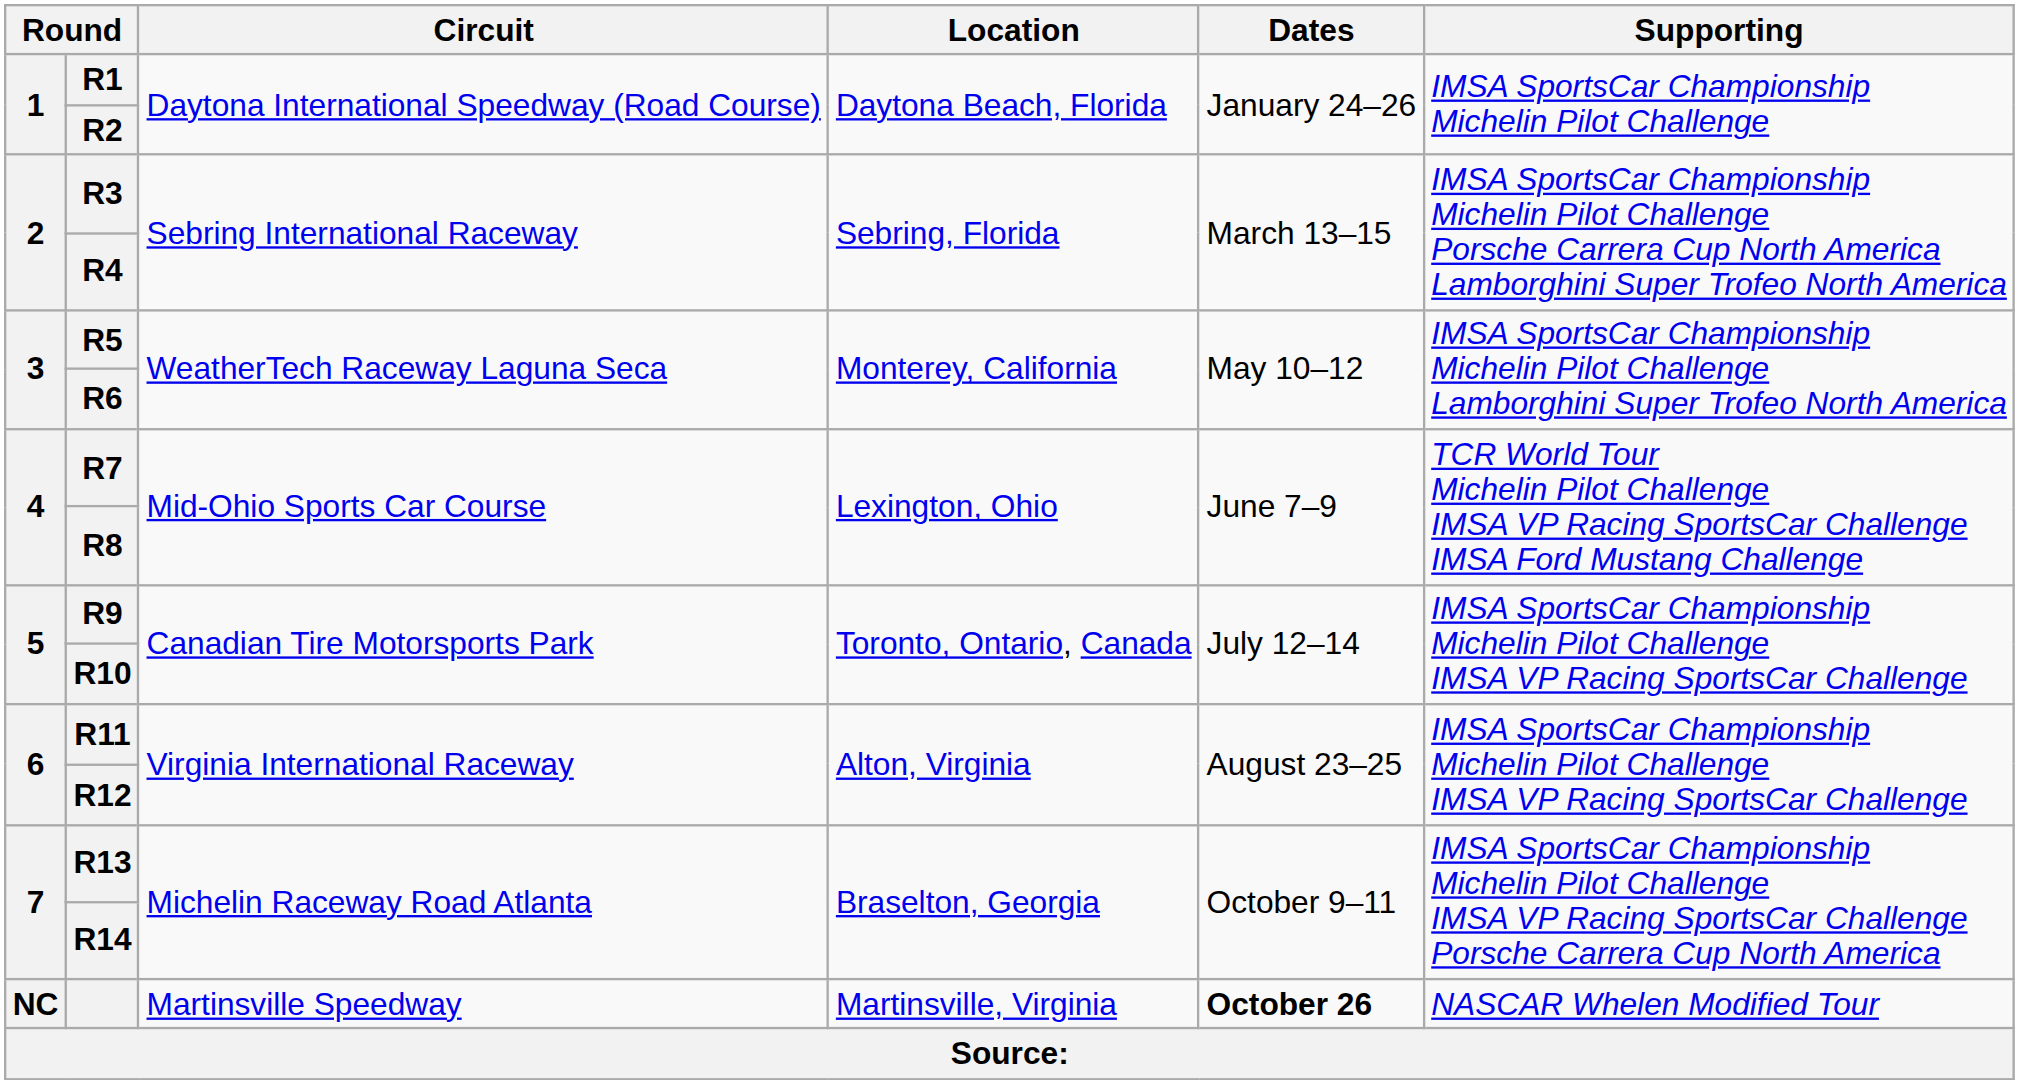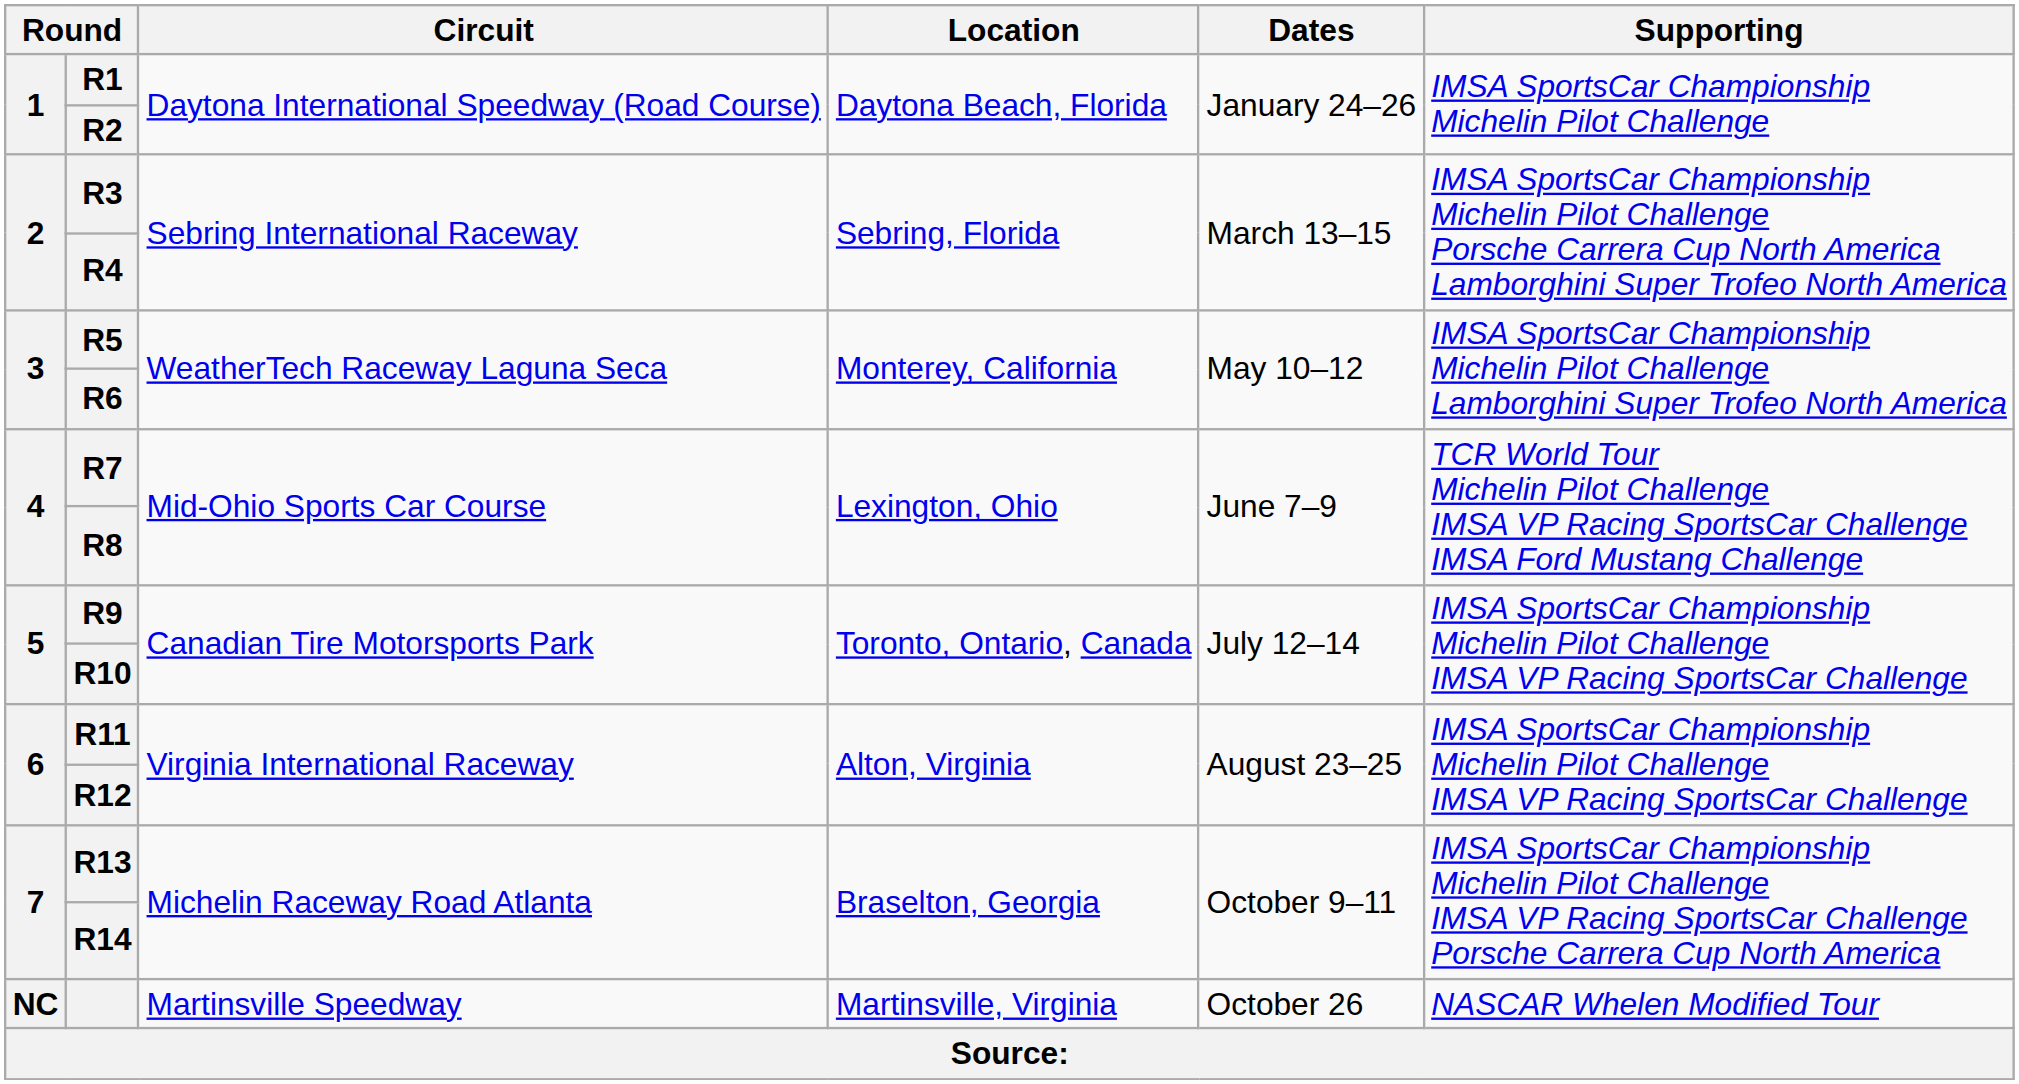 <table class="wikitable" style="font-size: 85%;">
 <tr>
 <th colspan="2">Round</th>
 <th>Circuit</th>
 <th>Location</th>
 <th>Dates</th>
 <th>Supporting</th>
 </tr>
 <tr>
 <th rowspan="2">1</th>
 <th>R1</th>
 <td rowspan="2"><a href='#'>Daytona International Speedway (Road Course)</a></td>
 <td rowspan="2"> <a href='#'>Daytona Beach, Florida</a></td>
 <td rowspan="2">January 24–26</td>
 <td rowspan="2"><em><a href='#'>IMSA SportsCar Championship</a><br><a href='#'>Michelin Pilot Challenge</a></em></td>
 </tr>
 <tr>
 <th>R2</th>
 </tr>
 <tr>
 <th rowspan="2">2</th>
 <th>R3</th>
 <td rowspan="2"><a href='#'>Sebring International Raceway</a></td>
 <td rowspan="2"> <a href='#'>Sebring, Florida</a></td>
 <td rowspan="2">March 13–15</td>
 <td rowspan="2"><em><a href='#'>IMSA SportsCar Championship</a><br><a href='#'>Michelin Pilot Challenge</a><br><a href='#'>Porsche Carrera Cup North America</a><br><a href='#'>Lamborghini Super Trofeo North America</a></em></td>
 </tr>
 <tr>
 <th>R4</th>
 </tr>
 <tr>
 <th rowspan="2">3</th>
 <th>R5</th>
 <td rowspan="2"><a href='#'>WeatherTech Raceway Laguna Seca</a></td>
 <td rowspan="2"> <a href='#'>Monterey, California</a></td>
 <td rowspan="2">May 10–12</td>
 <td rowspan="2"><em><a href='#'>IMSA SportsCar Championship</a><br><a href='#'>Michelin Pilot Challenge</a><br><a href='#'>Lamborghini Super Trofeo North America</a></em></td>
 </tr>
 <tr>
 <th>R6</th>
 </tr>
 <tr>
 <th rowspan="2">4</th>
 <th>R7</th>
 <td rowspan="2"><a href='#'>Mid-Ohio Sports Car Course</a></td>
 <td rowspan="2"> <a href='#'>Lexington, Ohio</a></td>
 <td rowspan="2">June 7–9</td>
 <td rowspan="2"><em><a href='#'>TCR World Tour</a><br><a href='#'>Michelin Pilot Challenge</a><br><a href='#'>IMSA VP Racing SportsCar Challenge</a><br><a href='#'>IMSA Ford Mustang Challenge</a></em></td>
 </tr>
 <tr>
 <th>R8</th>
 </tr>
 <tr>
 <th rowspan="2">5</th>
 <th>R9</th>
 <td rowspan="2"><a href='#'>Canadian Tire Motorsports Park</a></td>
 <td rowspan="2"> <a href='#'>Toronto, Ontario</a>, <a href='#'>Canada</a></td>
 <td rowspan="2">July 12–14</td>
 <td rowspan="2"><em><a href='#'>IMSA SportsCar Championship</a><br><a href='#'>Michelin Pilot Challenge</a><br><a href='#'>IMSA VP Racing SportsCar Challenge</a></em></td>
 </tr>
 <tr>
 <th>R10</th>
 </tr>
 <tr>
 <th rowspan="2">6</th>
 <th>R11</th>
 <td rowspan="2"><a href='#'>Virginia International Raceway</a></td>
 <td rowspan="2"> <a href='#'>Alton, Virginia</a></td>
 <td rowspan="2">August 23–25</td>
 <td rowspan="2"><em><a href='#'>IMSA SportsCar Championship</a><br><a href='#'>Michelin Pilot Challenge</a><br><a href='#'>IMSA VP Racing SportsCar Challenge</a></em></td>
 </tr>
 <tr>
 <th>R12</th>
 </tr>
 <tr>
 <th rowspan="2">7</th>
 <th>R13</th>
 <td rowspan="2"><a href='#'>Michelin Raceway Road Atlanta</a></td>
 <td rowspan="2"> <a href='#'>Braselton, Georgia</a></td>
 <td rowspan="2">October 9–11</td>
 <td rowspan="2"><em><a href='#'>IMSA SportsCar Championship</a><br><a href='#'>Michelin Pilot Challenge</a><br><a href='#'>IMSA VP Racing SportsCar Challenge</a><br><a href='#'>Porsche Carrera Cup North America</a></em></td>
 </tr>
 <tr>
 <th>R14</th>
 </tr>
 <tr>
 <th>NC</th>
 <th></th>
 <td><a href='#'>Martinsville Speedway</a></td>
 <td> <a href='#'>Martinsville, Virginia</a></td>
-<td><strong>October 26</strong></td>
+<td>October 26</td>
 <td><em><a href='#'>NASCAR Whelen Modified Tour</a></td>
 </tr>
 <tr>
 <th colspan="6">Source:</th>
 </tr>
 </table>
